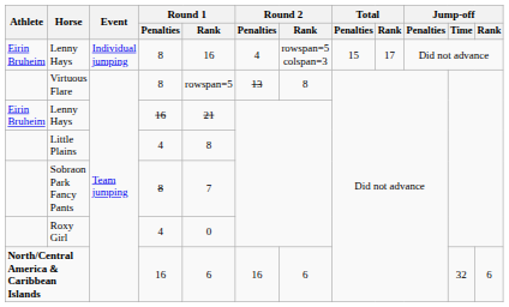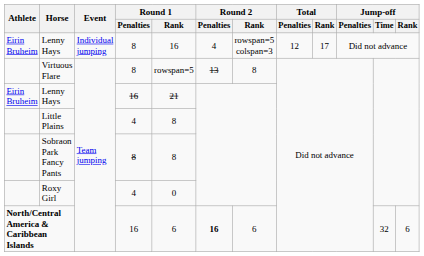 <table class=wikitable style=font-size:90%;text-align:center>
 <tr>
 <th rowspan=2>Athlete</th>
 <th rowspan=2>Horse</th>
 <th rowspan=2>Event</th>
 <th colspan=2>Round 1</th>
 <th colspan=2>Round 2</th>
 <th colspan=2>Total</th>
 <th colspan=3>Jump-off</th>
 </tr>
 <tr style=font-size:95%>
 <th>Penalties</th>
 <th>Rank</th>
 <th>Penalties</th>
 <th>Rank</th>
 <th>Penalties</th>
 <th>Rank</th>
 <th>Penalties</th>
 <th>Time</th>
 <th>Rank</th>
 </tr>
 <tr>
 <td align=left><a href='#'>Eirin Bruheim</a></td>
 <td align=left>Lenny Hays</td>
 <td align=left><a href='#'>Individual jumping</a></td>
 <td>8</td>
 <td>16</td>
 <td>4</td>
 <td>rowspan=5 colspan=3 </td>
-<td>15</td>
+<td>12</td>
 <td>17</td>
 <td colspan=3>Did not advance</td>
 </tr>
 <tr>
 <td align=left></td>
 <td align=left>Virtuous Flare</td>
 <td align=left rowspan=6><a href='#'>Team jumping</a></td>
 <td>8</td>
 <td>rowspan=5 </td>
 <td><s>13</s></td>
 <td>8</td>
 <td colspan=3 rowspan=6>Did not advance</td>
 </tr>
 <tr>
 <td align=left><a href='#'>Eirin Bruheim</a></td>
 <td align=left>Lenny Hays</td>
 <td><s>16</s></td>
 <td><s>21</s></td>
 </tr>
 <tr>
 <td align=left></td>
 <td align=left>Little Plains</td>
 <td>4</td>
 <td>8</td>
 </tr>
 <tr>
 <td align=left></td>
 <td align=left>Sobraon Park Fancy Pants</td>
 <td><s>8</s></td>
-<td>7</td>
+<td>8</td>
 </tr>
 <tr>
 <td align=left></td>
 <td align=left>Roxy Girl</td>
 <td>4</td>
 <td>0</td>
 </tr>
 <tr>
 <td align=left colspan=2><strong>North/Central America & Caribbean Islands</strong></td>
 <td>16</td>
 <td>6</td>
-<td>16</td>
+<td><strong>16</strong></td>
 <td>6</td>
 <td>32</td>
 <td>6</td>
 </tr>
 </table>
